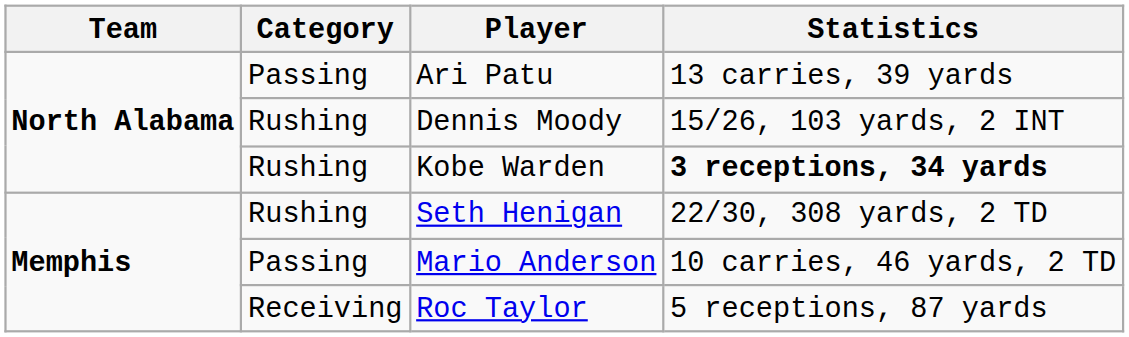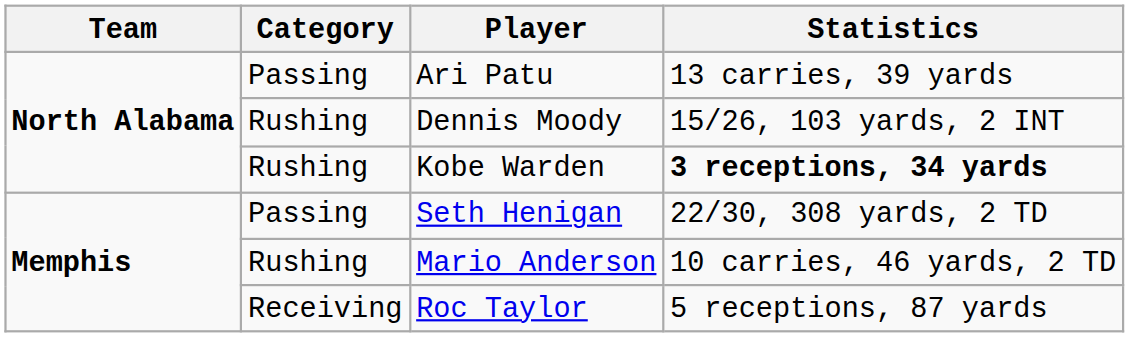 <table class="wikitable" style="float: right;">
 <tr>
 <th>Team</th>
 <th>Category</th>
 <th>Player</th>
 <th>Statistics</th>
 </tr>
 <tr>
 <td rowspan=3><strong>North Alabama</strong></td>
 <td>Passing</td>
 <td>Ari Patu</td>
 <td>13 carries, 39 yards</td>
 </tr>
 <tr>
 <td>Rushing</td>
 <td>Dennis Moody</td>
 <td>15/26, 103 yards, 2 INT</td>
 </tr>
 <tr>
 <td>Rushing</td>
 <td>Kobe Warden</td>
 <td><strong>3 receptions, 34 yards</strong></td>
 </tr>
 <tr>
 <td rowspan=3><strong>Memphis</strong></td>
-<td>Rushing</td>
+<td>Passing</td>
 <td><a href='#'>Seth Henigan</a></td>
 <td>22/30, 308 yards, 2 TD</td>
 </tr>
 <tr>
-<td>Passing</td>
+<td>Rushing</td>
 <td><a href='#'>Mario Anderson</a></td>
 <td>10 carries, 46 yards, 2 TD</td>
 </tr>
 <tr>
 <td>Receiving</td>
 <td><a href='#'>Roc Taylor</a></td>
 <td>5 receptions, 87 yards</td>
 </tr>
 </table>
